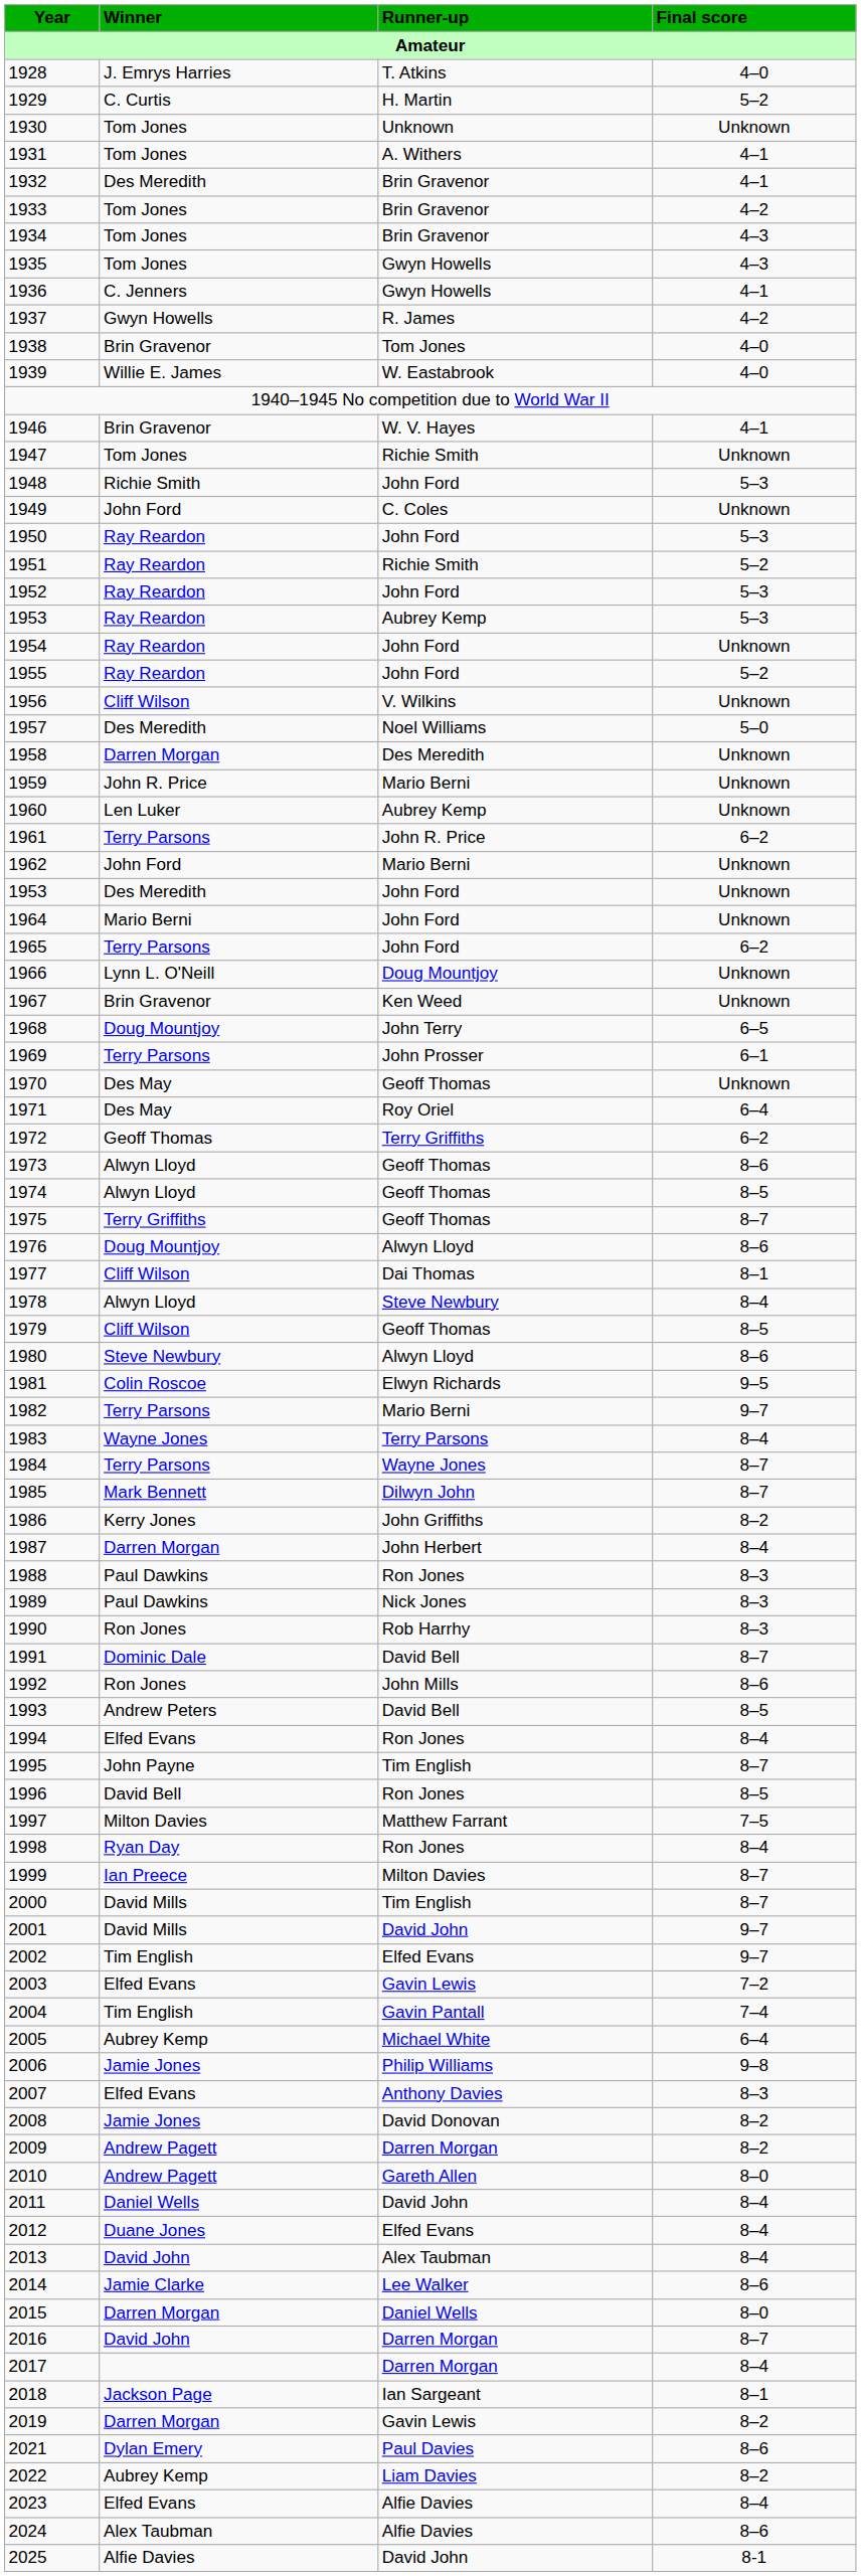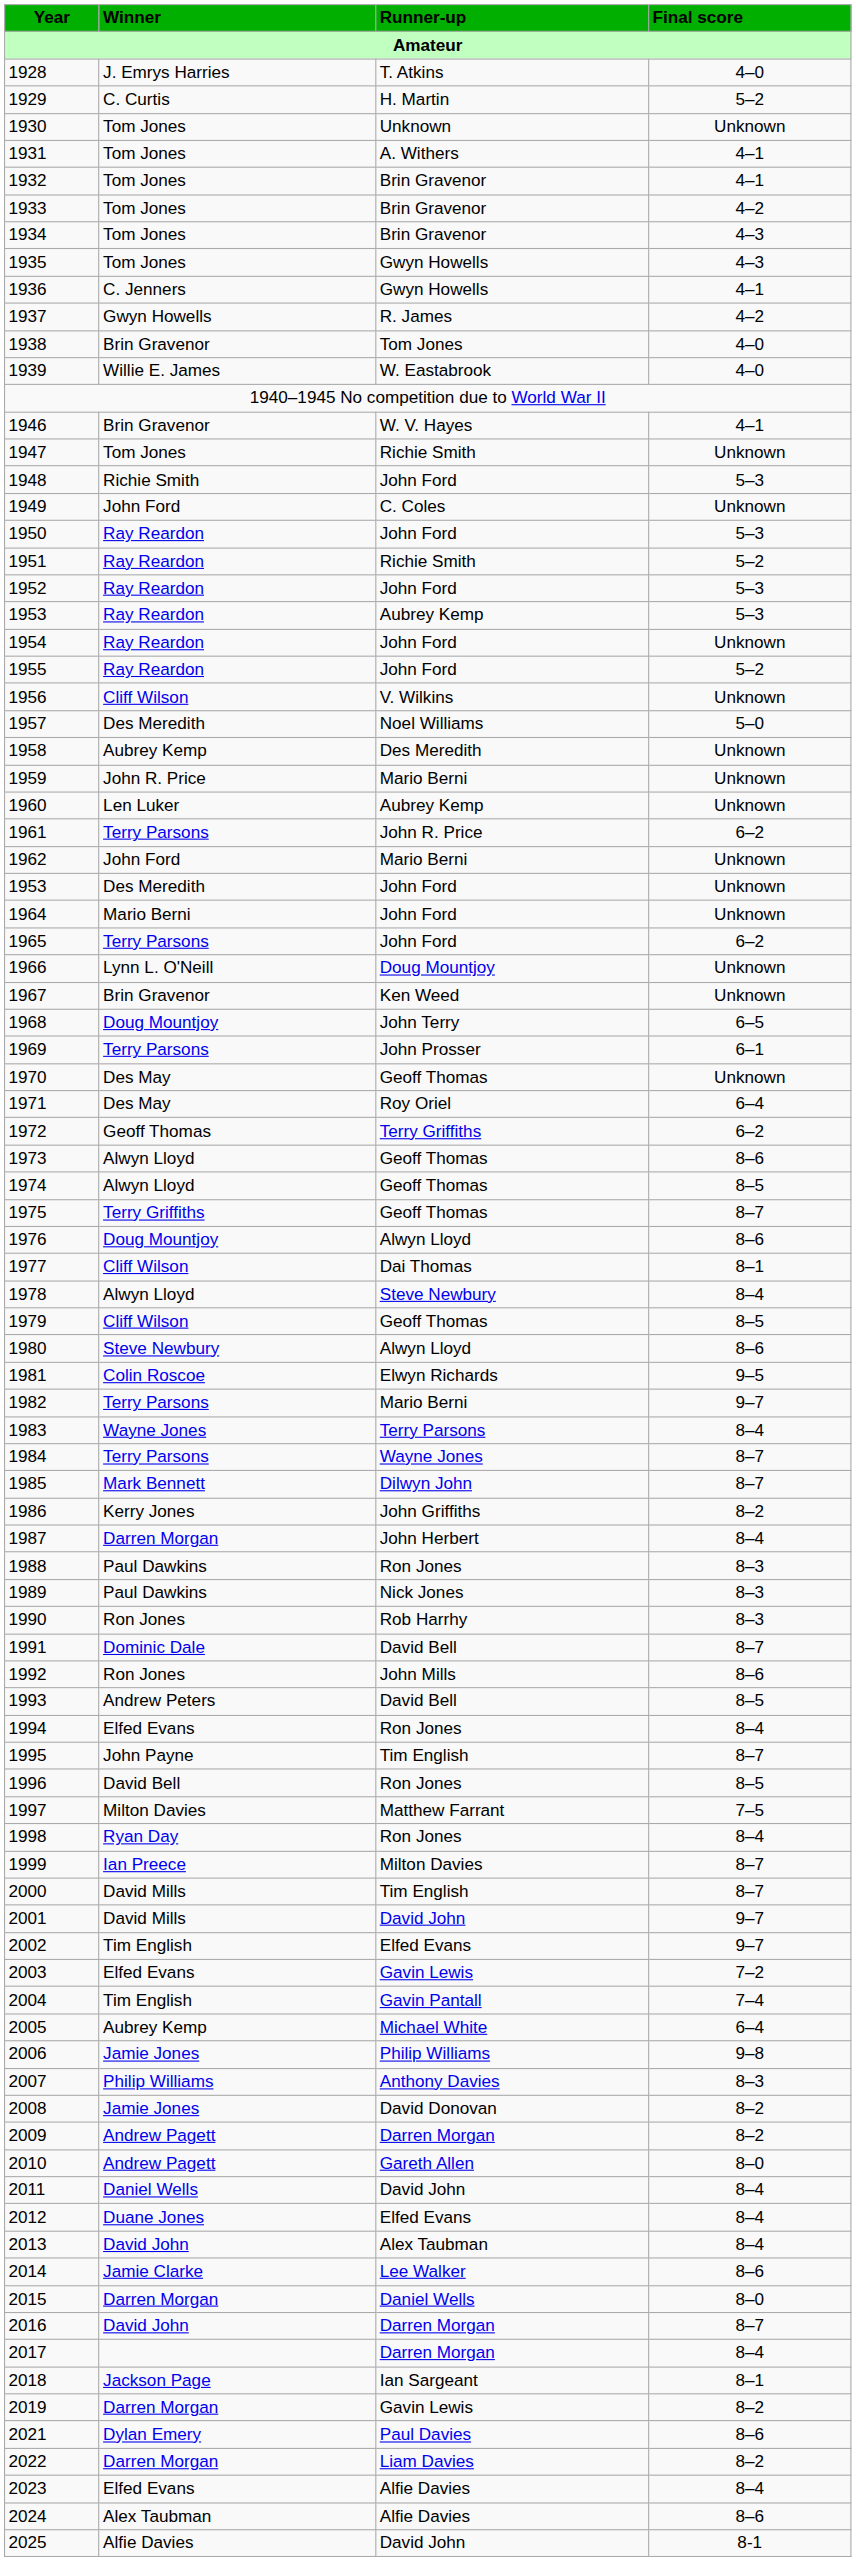 <table class="wikitable" style="width:50%">
 <tr>
 <th style="text-align: center; background-color: #00af00">Year</th>
 <th style="text-align: left; background-color: #00af00">Winner</th>
 <th style="text-align: left; background-color: #00af00">Runner-up</th>
 <th style="text-align: left; background-color: #00af00">Final score</th>
 </tr>
 <tr>
 <th colspan=6 style="text-align: center; background-color: #c0ffc0">Amateur</th>
 </tr>
 <tr>
 <td>1928</td>
 <td> J. Emrys Harries</td>
 <td> T. Atkins</td>
 <td style="text-align: center">4–0</td>
 </tr>
 <tr>
 <td>1929</td>
 <td> C. Curtis</td>
 <td> H. Martin</td>
 <td style="text-align: center">5–2</td>
 </tr>
 <tr>
 <td>1930</td>
 <td> Tom Jones</td>
 <td>Unknown</td>
 <td style="text-align: center">Unknown</td>
 </tr>
 <tr>
 <td>1931</td>
 <td> Tom Jones</td>
 <td> A. Withers</td>
 <td style="text-align: center">4–1</td>
 </tr>
 <tr>
 <td>1932</td>
-<td> Des Meredith</td>
+<td> Tom Jones</td>
 <td> Brin Gravenor</td>
 <td style="text-align: center">4–1</td>
 </tr>
 <tr>
 <td>1933</td>
 <td> Tom Jones</td>
 <td> Brin Gravenor</td>
 <td style="text-align: center">4–2</td>
 </tr>
 <tr>
 <td>1934</td>
 <td> Tom Jones</td>
 <td> Brin Gravenor</td>
 <td style="text-align: center">4–3</td>
 </tr>
 <tr>
 <td>1935</td>
 <td> Tom Jones</td>
 <td> Gwyn Howells</td>
 <td style="text-align: center">4–3</td>
 </tr>
 <tr>
 <td>1936</td>
 <td> C. Jenners</td>
 <td> Gwyn Howells</td>
 <td style="text-align: center">4–1</td>
 </tr>
 <tr>
 <td>1937</td>
 <td> Gwyn Howells</td>
 <td> R. James</td>
 <td style="text-align: center">4–2</td>
 </tr>
 <tr>
 <td>1938</td>
 <td> Brin Gravenor</td>
 <td> Tom Jones</td>
 <td style="text-align: center">4–0</td>
 </tr>
 <tr>
 <td>1939</td>
 <td> Willie E. James</td>
 <td> W. Eastabrook</td>
 <td style="text-align: center">4–0</td>
 </tr>
 <tr>
 <td align = "center" colspan = "4">1940–1945 No competition due to <a href='#'>World War II</a></td>
 </tr>
 <tr>
 <td>1946</td>
 <td> Brin Gravenor</td>
 <td> W. V. Hayes</td>
 <td style="text-align: center">4–1</td>
 </tr>
 <tr>
 <td>1947</td>
 <td> Tom Jones</td>
 <td> Richie Smith</td>
 <td style="text-align: center">Unknown</td>
 </tr>
 <tr>
 <td>1948</td>
 <td> Richie Smith</td>
 <td> John Ford</td>
 <td style="text-align: center">5–3</td>
 </tr>
 <tr>
 <td>1949</td>
 <td> John Ford</td>
 <td> C. Coles</td>
 <td style="text-align: center">Unknown</td>
 </tr>
 <tr>
 <td>1950</td>
 <td> <a href='#'>Ray Reardon</a></td>
 <td> John Ford</td>
 <td style="text-align: center">5–3</td>
 </tr>
 <tr>
 <td>1951</td>
 <td> <a href='#'>Ray Reardon</a></td>
 <td> Richie Smith</td>
 <td style="text-align: center">5–2</td>
 </tr>
 <tr>
 <td>1952</td>
 <td> <a href='#'>Ray Reardon</a></td>
 <td> John Ford</td>
 <td style="text-align: center">5–3</td>
 </tr>
 <tr>
 <td>1953</td>
 <td> <a href='#'>Ray Reardon</a></td>
 <td> Aubrey Kemp</td>
 <td style="text-align: center">5–3</td>
 </tr>
 <tr>
 <td>1954</td>
 <td> <a href='#'>Ray Reardon</a></td>
 <td> John Ford</td>
 <td style="text-align: center">Unknown</td>
 </tr>
 <tr>
 <td>1955</td>
 <td> <a href='#'>Ray Reardon</a></td>
 <td> John Ford</td>
 <td style="text-align: center">5–2</td>
 </tr>
 <tr>
 <td>1956</td>
 <td> <a href='#'>Cliff Wilson</a></td>
 <td> V. Wilkins</td>
 <td style="text-align: center">Unknown</td>
 </tr>
 <tr>
 <td>1957</td>
 <td> Des Meredith</td>
 <td> Noel Williams</td>
 <td style="text-align: center">5–0</td>
 </tr>
 <tr>
 <td>1958</td>
-<td> <a href='#'>Darren Morgan</a></td>
+<td> Aubrey Kemp</td>
 <td> Des Meredith</td>
 <td style="text-align: center">Unknown</td>
 </tr>
 <tr>
 <td>1959</td>
 <td> John R. Price</td>
 <td> Mario Berni</td>
 <td style="text-align: center">Unknown</td>
 </tr>
 <tr>
 <td>1960</td>
 <td> Len Luker</td>
 <td> Aubrey Kemp</td>
 <td style="text-align: center">Unknown</td>
 </tr>
 <tr>
 <td>1961</td>
 <td> <a href='#'>Terry Parsons</a></td>
 <td> John R. Price</td>
 <td style="text-align: center">6–2</td>
 </tr>
 <tr>
 <td>1962</td>
 <td> John Ford</td>
 <td> Mario Berni</td>
 <td style="text-align: center">Unknown</td>
 </tr>
 <tr>
 <td>1953</td>
 <td> Des Meredith</td>
 <td> John Ford</td>
 <td style="text-align: center">Unknown</td>
 </tr>
 <tr>
 <td>1964</td>
 <td> Mario Berni</td>
 <td> John Ford</td>
 <td style="text-align: center">Unknown</td>
 </tr>
 <tr>
 <td>1965</td>
 <td> <a href='#'>Terry Parsons</a></td>
 <td> John Ford</td>
 <td style="text-align: center">6–2</td>
 </tr>
 <tr>
 <td>1966</td>
 <td> Lynn L. O'Neill</td>
 <td> <a href='#'>Doug Mountjoy</a></td>
 <td style="text-align: center">Unknown</td>
 </tr>
 <tr>
 <td>1967</td>
 <td> Brin Gravenor</td>
 <td> Ken Weed</td>
 <td style="text-align: center">Unknown</td>
 </tr>
 <tr>
 <td>1968</td>
 <td> <a href='#'>Doug Mountjoy</a></td>
 <td> John Terry</td>
 <td style="text-align: center">6–5</td>
 </tr>
 <tr>
 <td>1969</td>
 <td> <a href='#'>Terry Parsons</a></td>
 <td> John Prosser</td>
 <td style="text-align: center">6–1</td>
 </tr>
 <tr>
 <td>1970</td>
 <td> Des May</td>
 <td> Geoff Thomas</td>
 <td style="text-align: center">Unknown</td>
 </tr>
 <tr>
 <td>1971</td>
 <td> Des May</td>
 <td> Roy Oriel</td>
 <td style="text-align: center">6–4</td>
 </tr>
 <tr>
 <td>1972</td>
 <td> Geoff Thomas</td>
 <td> <a href='#'>Terry Griffiths</a></td>
 <td style="text-align: center">6–2</td>
 </tr>
 <tr>
 <td>1973</td>
 <td> Alwyn Lloyd</td>
 <td> Geoff Thomas</td>
 <td style="text-align: center">8–6</td>
 </tr>
 <tr>
 <td>1974</td>
 <td> Alwyn Lloyd</td>
 <td> Geoff Thomas</td>
 <td style="text-align: center">8–5</td>
 </tr>
 <tr>
 <td>1975</td>
 <td> <a href='#'>Terry Griffiths</a></td>
 <td> Geoff Thomas</td>
 <td style="text-align: center">8–7</td>
 </tr>
 <tr>
 <td>1976</td>
 <td> <a href='#'>Doug Mountjoy</a></td>
 <td> Alwyn Lloyd</td>
 <td style="text-align: center">8–6</td>
 </tr>
 <tr>
 <td>1977</td>
 <td> <a href='#'>Cliff Wilson</a></td>
 <td> Dai Thomas</td>
 <td style="text-align: center">8–1</td>
 </tr>
 <tr>
 <td>1978</td>
 <td> Alwyn Lloyd</td>
 <td> <a href='#'>Steve Newbury</a></td>
 <td style="text-align: center">8–4</td>
 </tr>
 <tr>
 <td>1979</td>
 <td> <a href='#'>Cliff Wilson</a></td>
 <td> Geoff Thomas</td>
 <td style="text-align: center">8–5</td>
 </tr>
 <tr>
 <td>1980</td>
 <td> <a href='#'>Steve Newbury</a></td>
 <td> Alwyn Lloyd</td>
 <td style="text-align: center">8–6</td>
 </tr>
 <tr>
 <td>1981</td>
 <td> <a href='#'>Colin Roscoe</a></td>
 <td> Elwyn Richards</td>
 <td style="text-align: center">9–5</td>
 </tr>
 <tr>
 <td>1982</td>
 <td> <a href='#'>Terry Parsons</a></td>
 <td> Mario Berni</td>
 <td style="text-align: center">9–7</td>
 </tr>
 <tr>
 <td>1983</td>
 <td> <a href='#'>Wayne Jones</a></td>
 <td> <a href='#'>Terry Parsons</a></td>
 <td style="text-align: center">8–4</td>
 </tr>
 <tr>
 <td>1984</td>
 <td> <a href='#'>Terry Parsons</a></td>
 <td> <a href='#'>Wayne Jones</a></td>
 <td style="text-align: center">8–7</td>
 </tr>
 <tr>
 <td>1985</td>
 <td> <a href='#'>Mark Bennett</a></td>
 <td> <a href='#'>Dilwyn John</a></td>
 <td style="text-align: center">8–7</td>
 </tr>
 <tr>
 <td>1986</td>
 <td> Kerry Jones</td>
 <td> John Griffiths</td>
 <td style="text-align: center">8–2</td>
 </tr>
 <tr>
 <td>1987</td>
 <td> <a href='#'>Darren Morgan</a></td>
 <td> John Herbert</td>
 <td style="text-align: center">8–4</td>
 </tr>
 <tr>
 <td>1988</td>
 <td> Paul Dawkins</td>
 <td> Ron Jones</td>
 <td style="text-align: center">8–3</td>
 </tr>
 <tr>
 <td>1989</td>
 <td> Paul Dawkins</td>
 <td> Nick Jones</td>
 <td style="text-align: center">8–3</td>
 </tr>
 <tr>
 <td>1990</td>
 <td> Ron Jones</td>
 <td> Rob Harrhy</td>
 <td style="text-align: center">8–3</td>
 </tr>
 <tr>
 <td>1991</td>
 <td> <a href='#'>Dominic Dale</a></td>
 <td> David Bell</td>
 <td style="text-align: center">8–7</td>
 </tr>
 <tr>
 <td>1992</td>
 <td> Ron Jones</td>
 <td> John Mills</td>
 <td style="text-align: center">8–6</td>
 </tr>
 <tr>
 <td>1993</td>
 <td> Andrew Peters</td>
 <td> David Bell</td>
 <td style="text-align: center">8–5</td>
 </tr>
 <tr>
 <td>1994</td>
 <td> Elfed Evans</td>
 <td> Ron Jones</td>
 <td style="text-align: center">8–4</td>
 </tr>
 <tr>
 <td>1995</td>
 <td> John Payne</td>
 <td> Tim English</td>
 <td style="text-align: center">8–7</td>
 </tr>
 <tr>
 <td>1996</td>
 <td> David Bell</td>
 <td> Ron Jones</td>
 <td style="text-align: center">8–5</td>
 </tr>
 <tr>
 <td>1997</td>
 <td> Milton Davies</td>
 <td> Matthew Farrant</td>
 <td style="text-align: center">7–5</td>
 </tr>
 <tr>
 <td>1998</td>
 <td> <a href='#'>Ryan Day</a></td>
 <td> Ron Jones</td>
 <td style="text-align: center">8–4</td>
 </tr>
 <tr>
 <td>1999</td>
 <td> <a href='#'>Ian Preece</a></td>
 <td> Milton Davies</td>
 <td style="text-align: center">8–7</td>
 </tr>
 <tr>
 <td>2000</td>
 <td> David Mills</td>
 <td> Tim English</td>
 <td style="text-align: center">8–7</td>
 </tr>
 <tr>
 <td>2001</td>
 <td> David Mills</td>
 <td> <a href='#'>David John</a></td>
 <td style="text-align: center">9–7</td>
 </tr>
 <tr>
 <td>2002</td>
 <td> Tim English</td>
 <td> Elfed Evans</td>
 <td style="text-align: center">9–7</td>
 </tr>
 <tr>
 <td>2003</td>
 <td> Elfed Evans</td>
 <td> <a href='#'>Gavin Lewis</a></td>
 <td style="text-align: center">7–2</td>
 </tr>
 <tr>
 <td>2004</td>
 <td> Tim English</td>
 <td> <a href='#'>Gavin Pantall</a></td>
 <td style="text-align: center">7–4</td>
 </tr>
 <tr>
 <td>2005</td>
 <td> Aubrey Kemp</td>
 <td> <a href='#'>Michael White</a></td>
 <td style="text-align: center">6–4</td>
 </tr>
 <tr>
 <td>2006</td>
 <td> <a href='#'>Jamie Jones</a></td>
 <td> <a href='#'>Philip Williams</a></td>
 <td style="text-align: center">9–8</td>
 </tr>
 <tr>
 <td>2007</td>
-<td> Elfed Evans</td>
+<td> <a href='#'>Philip Williams</a></td>
 <td> <a href='#'>Anthony Davies</a></td>
 <td style="text-align: center">8–3</td>
 </tr>
 <tr>
 <td>2008</td>
 <td> <a href='#'>Jamie Jones</a></td>
 <td> David Donovan</td>
 <td style="text-align: center">8–2</td>
 </tr>
 <tr>
 <td>2009</td>
 <td> <a href='#'>Andrew Pagett</a></td>
 <td> <a href='#'>Darren Morgan</a></td>
 <td style="text-align: center">8–2</td>
 </tr>
 <tr>
 <td>2010</td>
 <td> <a href='#'>Andrew Pagett</a></td>
 <td> <a href='#'>Gareth Allen</a></td>
 <td style="text-align: center">8–0</td>
 </tr>
 <tr>
 <td>2011</td>
 <td> <a href='#'>Daniel Wells</a></td>
 <td> David John</td>
 <td style="text-align: center">8–4</td>
 </tr>
 <tr>
 <td>2012</td>
 <td> <a href='#'>Duane Jones</a></td>
 <td> Elfed Evans</td>
 <td style="text-align: center">8–4</td>
 </tr>
 <tr>
 <td>2013</td>
 <td> <a href='#'>David John</a></td>
 <td> Alex Taubman</td>
 <td style="text-align: center">8–4</td>
 </tr>
 <tr>
 <td>2014</td>
 <td> <a href='#'>Jamie Clarke</a></td>
 <td> <a href='#'>Lee Walker</a></td>
 <td style="text-align: center">8–6</td>
 </tr>
 <tr>
 <td>2015</td>
 <td> <a href='#'>Darren Morgan</a></td>
 <td> <a href='#'>Daniel Wells</a></td>
 <td style="text-align: center">8–0</td>
 </tr>
 <tr>
 <td>2016</td>
 <td> <a href='#'>David John</a></td>
 <td> <a href='#'>Darren Morgan</a></td>
 <td style="text-align: center">8–7</td>
 </tr>
 <tr>
 <td>2017</td>
 <td></td>
 <td> <a href='#'>Darren Morgan</a></td>
 <td style="text-align: center">8–4</td>
 </tr>
 <tr>
 <td>2018</td>
 <td> <a href='#'>Jackson Page</a></td>
 <td> Ian Sargeant</td>
 <td style="text-align: center">8–1</td>
 </tr>
 <tr>
 <td>2019</td>
 <td> <a href='#'>Darren Morgan</a></td>
 <td> Gavin Lewis</td>
 <td style="text-align: center">8–2</td>
 </tr>
 <tr>
 <td>2021</td>
 <td> <a href='#'>Dylan Emery</a></td>
 <td> <a href='#'>Paul Davies</a></td>
 <td style="text-align: center">8–6</td>
 </tr>
 <tr>
 <td>2022</td>
-<td> Aubrey Kemp</td>
+<td> <a href='#'>Darren Morgan</a></td>
 <td> <a href='#'>Liam Davies</a></td>
 <td style="text-align: center">8–2</td>
 </tr>
 <tr>
 <td>2023</td>
 <td> Elfed Evans</td>
 <td> Alfie Davies</td>
 <td style="text-align: center">8–4</td>
 </tr>
 <tr>
 <td>2024</td>
 <td> Alex Taubman</td>
 <td> Alfie Davies</td>
 <td style="text-align: center">8–6</td>
 </tr>
 <tr>
 <td>2025</td>
 <td> Alfie Davies</td>
 <td> David John</td>
 <td style="text-align: center">8-1</td>
 </tr>
 </table>
